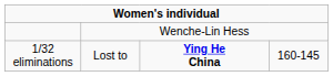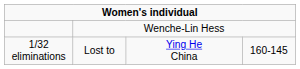 <table class="wikitable">
 <tr>
 <td align=center colspan=4><strong>Women's individual</strong></td>
 </tr>
 <tr>
 <td></td>
 <td align=center colspan=3>Wenche-Lin Hess</td>
 </tr>
 <tr>
 <td width="100px" align=center>1/32 eliminations</td>
 <td width="75px" align= center>Lost to</td>
-<td width="175px" align=center><strong><a href='#'>Ying He</a> <br>China</strong></td>
+<td width="175px" align=center><a href='#'>Ying He</a> <br>China</td>
 <td width="75px" align=center>160-145</td>
 </tr>
 </table>
